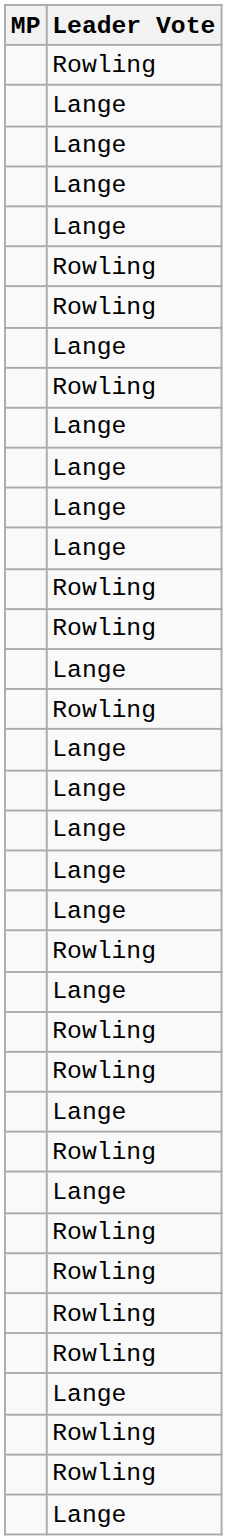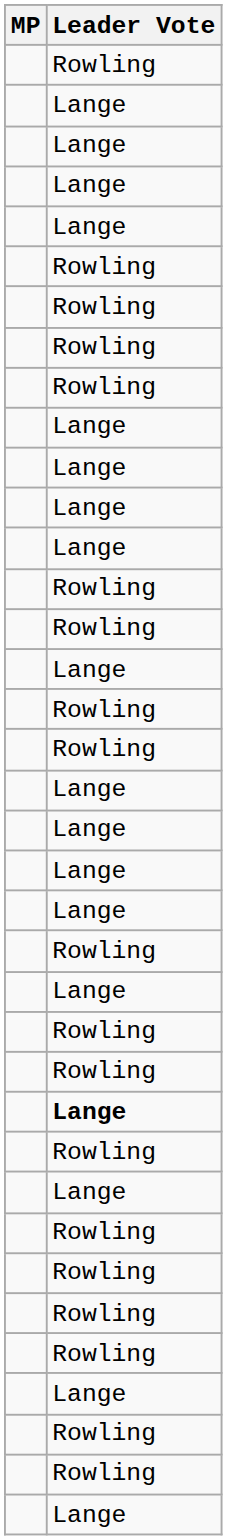 <table class="wikitable sortable">
 <tr>
 <th>MP</th>
 <th>Leader Vote</th>
+</tr>
+<tr>
+<td></td>
+<td>Rowling</td>
+</tr>
+<tr>
+<td></td>
+<td>Lange</td>
+</tr>
+<tr>
+<td></td>
+<td>Lange</td>
+</tr>
+<tr>
+<td></td>
+<td>Lange</td>
+</tr>
+<tr>
+<td></td>
+<td>Lange</td>
+</tr>
+<tr>
+<td></td>
+<td>Rowling</td>
+</tr>
+<tr>
+<td></td>
+<td>Rowling</td>
+</tr>
+<tr>
+<td></td>
+<td>Rowling</td>
 </tr>
 <tr>
 <td></td>
 <td>Rowling</td>
 </tr>
 <tr>
 <td></td>
 <td>Lange</td>
 </tr>
 <tr>
 <td></td>
 <td>Lange</td>
 </tr>
 <tr>
 <td></td>
 <td>Lange</td>
 </tr>
 <tr>
 <td></td>
 <td>Lange</td>
 </tr>
 <tr>
 <td></td>
 <td>Rowling</td>
 </tr>
 <tr>
 <td></td>
 <td>Rowling</td>
 </tr>
 <tr>
 <td></td>
 <td>Lange</td>
 </tr>
 <tr>
 <td></td>
 <td>Rowling</td>
 </tr>
 <tr>
 <td></td>
-<td>Lange</td>
-</tr>
-<tr>
-<td></td>
-<td>Lange</td>
-</tr>
-<tr>
-<td></td>
-<td>Lange</td>
-</tr>
-<tr>
-<td></td>
-<td>Lange</td>
-</tr>
-<tr>
-<td></td>
 <td>Rowling</td>
-</tr>
-<tr>
-<td></td>
-<td>Rowling</td>
-</tr>
-<tr>
-<td></td>
-<td>Lange</td>
-</tr>
-<tr>
-<td></td>
-<td>Rowling</td>
-</tr>
-<tr>
-<td></td>
-<td>Lange</td>
 </tr>
 <tr>
 <td></td>
 <td>Lange</td>
 </tr>
 <tr>
 <td></td>
 <td>Lange</td>
 </tr>
 <tr>
 <td></td>
 <td>Lange</td>
 </tr>
 <tr>
 <td></td>
 <td>Lange</td>
 </tr>
 <tr>
 <td></td>
 <td>Rowling</td>
 </tr>
 <tr>
 <td></td>
 <td>Lange</td>
 </tr>
 <tr>
 <td></td>
 <td>Rowling</td>
 </tr>
 <tr>
 <td></td>
 <td>Rowling</td>
 </tr>
 <tr>
 <td></td>
-<td>Lange</td>
+<td><strong>Lange</strong></td>
 </tr>
 <tr>
 <td></td>
 <td>Rowling</td>
 </tr>
 <tr>
 <td></td>
 <td>Lange</td>
 </tr>
 <tr>
 <td></td>
 <td>Rowling</td>
 </tr>
 <tr>
 <td></td>
 <td>Rowling</td>
 </tr>
 <tr>
 <td></td>
 <td>Rowling</td>
 </tr>
 <tr>
 <td></td>
 <td>Rowling</td>
 </tr>
 <tr>
 <td></td>
 <td>Lange</td>
 </tr>
 <tr>
 <td></td>
 <td>Rowling</td>
 </tr>
 <tr>
 <td></td>
 <td>Rowling</td>
 </tr>
 <tr>
 <td></td>
 <td>Lange</td>
 </tr>
 </table>
